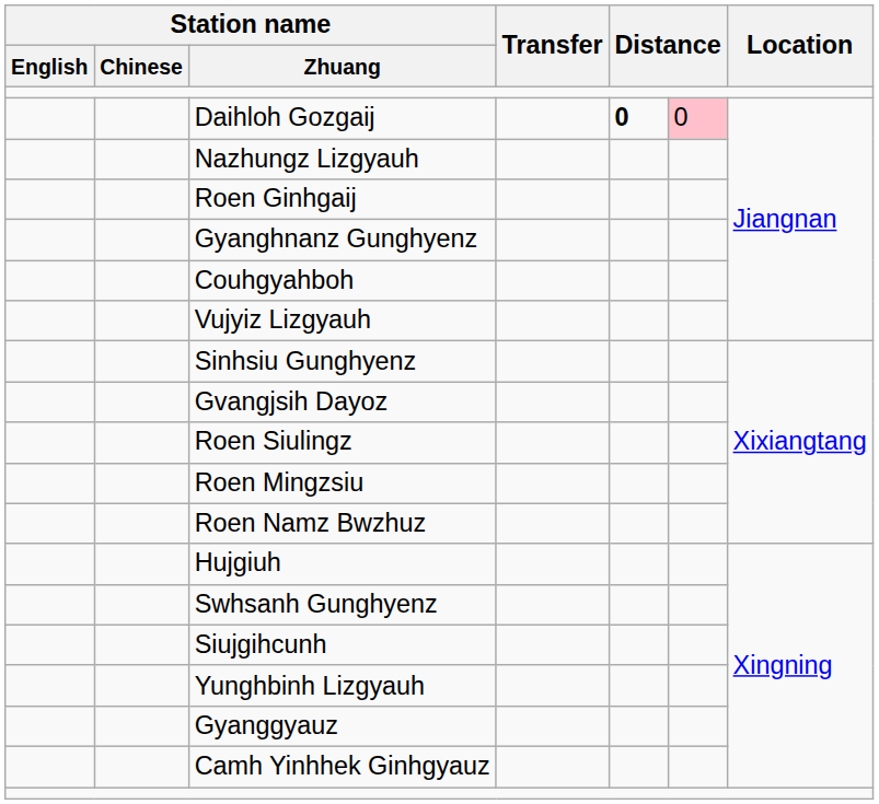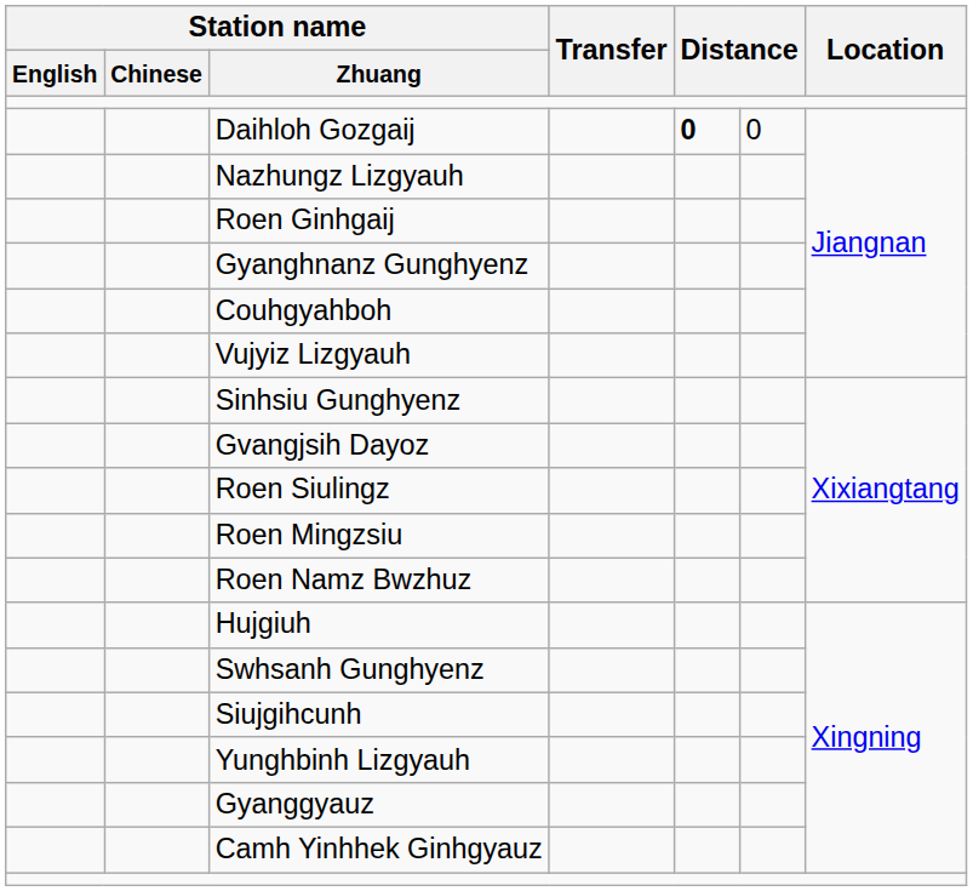 <table class="wikitable">
 <tr>
 <th colspan=3>Station name</th>
 <th rowspan=2>Transfer</th>
 <th colspan="2" rowspan="2">Distance<br></th>
 <th rowspan=2>Location</th>
 </tr>
 <tr>
 <th><small>English</small></th>
 <th><small>Chinese</small></th>
 <th><small>Zhuang</small></th>
 </tr>
 <tr style="background:#">
 <td colspan = "7"></td>
 </tr>
 <tr>
 <td></td>
 <td></td>
 <td>Daihloh Gozgaij</td>
 <td></td>
 <td><strong>0</strong></td>
-<td style="background: pink;">0</td>
+<td>0</td>
 <td rowspan="6"><a href='#'>Jiangnan</a></td>
 </tr>
 <tr>
 <td></td>
 <td></td>
 <td>Nazhungz Lizgyauh</td>
 <td></td>
 <td></td>
 <td></td>
 </tr>
 <tr>
 <td></td>
 <td></td>
 <td>Roen Ginhgaij</td>
 <td></td>
 <td></td>
 <td></td>
 </tr>
 <tr>
 <td></td>
 <td></td>
 <td>Gyanghnanz Gunghyenz</td>
 <td></td>
 <td></td>
 <td></td>
 </tr>
 <tr>
 <td></td>
 <td></td>
 <td>Couhgyahboh</td>
 <td></td>
 <td></td>
 <td></td>
 </tr>
 <tr>
 <td></td>
 <td></td>
 <td>Vujyiz Lizgyauh</td>
 <td></td>
 <td></td>
 <td></td>
 </tr>
 <tr>
 <td></td>
 <td></td>
 <td>Sinhsiu Gunghyenz</td>
 <td></td>
 <td></td>
 <td></td>
 <td rowspan="5"><a href='#'>Xixiangtang</a></td>
 </tr>
 <tr>
 <td></td>
 <td></td>
 <td>Gvangjsih Dayoz</td>
 <td></td>
 <td></td>
 <td></td>
 </tr>
 <tr>
 <td></td>
 <td></td>
 <td>Roen Siulingz</td>
 <td></td>
 <td></td>
 <td></td>
 </tr>
 <tr>
 <td></td>
 <td></td>
 <td>Roen Mingzsiu</td>
 <td></td>
 <td></td>
 <td></td>
 </tr>
 <tr>
 <td></td>
 <td></td>
 <td>Roen Namz Bwzhuz</td>
 <td></td>
 <td></td>
 <td></td>
 </tr>
 <tr>
 <td></td>
 <td></td>
 <td>Hujgiuh</td>
 <td></td>
 <td></td>
 <td></td>
 <td rowspan="6"><a href='#'>Xingning</a></td>
 </tr>
 <tr>
 <td></td>
 <td></td>
 <td>Swhsanh Gunghyenz</td>
 <td></td>
 <td></td>
 <td></td>
 </tr>
 <tr>
 <td></td>
 <td></td>
 <td>Siujgihcunh</td>
 <td></td>
 <td></td>
 <td></td>
 </tr>
 <tr>
 <td></td>
 <td></td>
 <td>Yunghbinh Lizgyauh</td>
 <td></td>
 <td></td>
 <td></td>
 </tr>
 <tr>
 <td></td>
 <td></td>
 <td>Gyanggyauz</td>
 <td></td>
 <td></td>
 <td></td>
 </tr>
 <tr>
 <td></td>
 <td></td>
 <td>Camh Yinhhek Ginhgyauz</td>
 <td></td>
 <td></td>
 <td></td>
 </tr>
 <tr style="background:#">
 <td colspan = "7"></td>
 </tr>
 </table>
